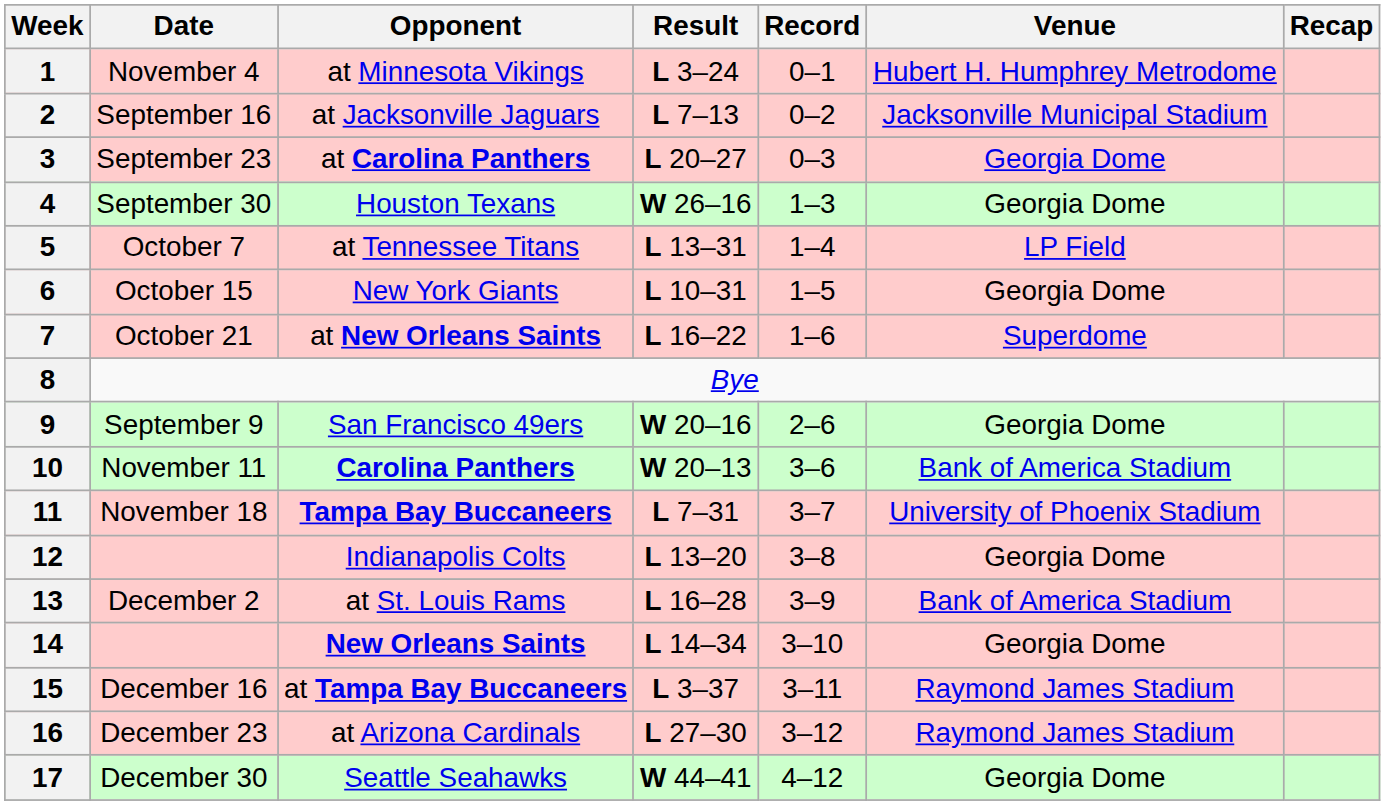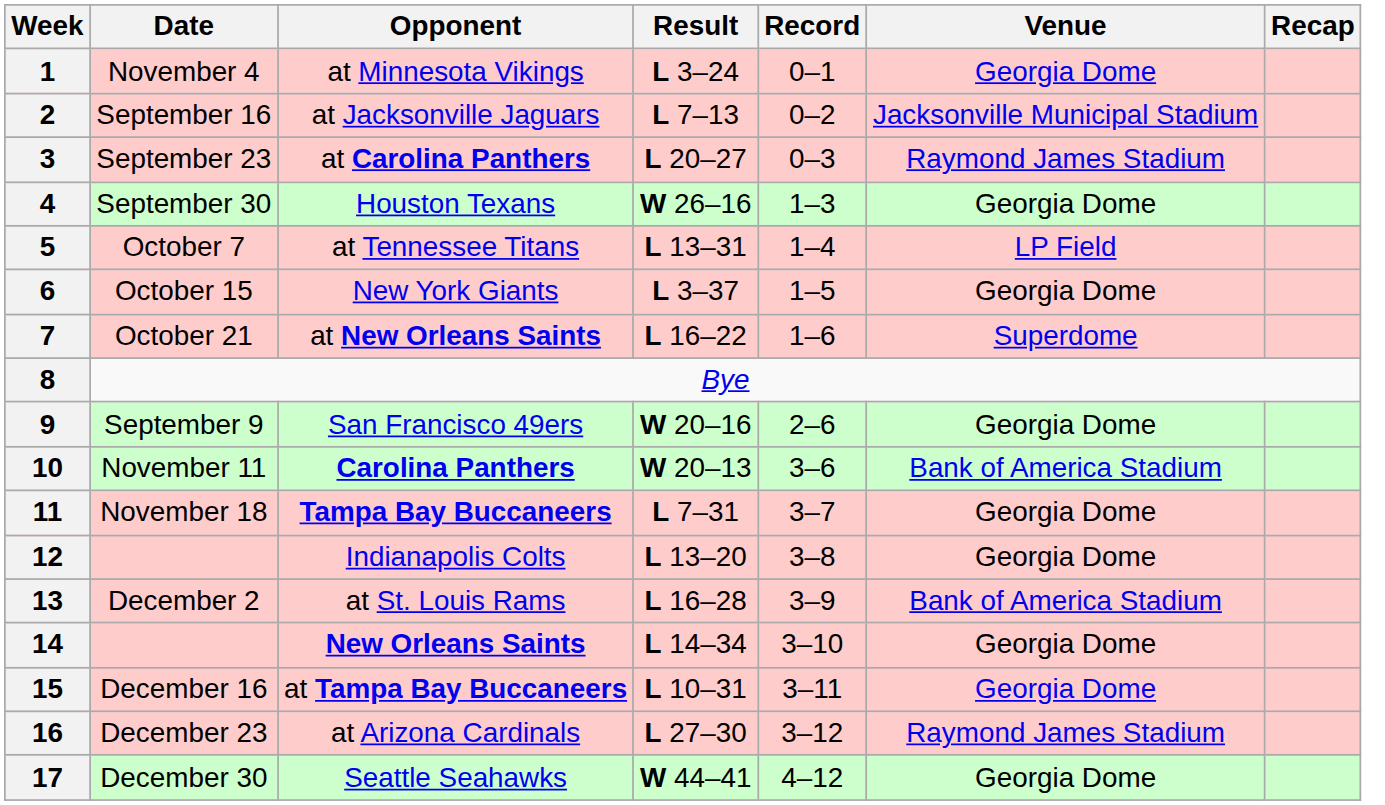 <table class="wikitable" style="text-align:center">
 <tr>
 <th>Week</th>
 <th>Date</th>
 <th>Opponent</th>
 <th>Result</th>
 <th>Record</th>
 <th>Venue</th>
 <th>Recap</th>
 </tr>
 <tr style="background: #fcc;">
 <th><strong>1</strong></th>
 <td>November 4</td>
 <td>at <a href='#'>Minnesota Vikings</a></td>
 <td><strong>L</strong> 3–24</td>
 <td>0–1</td>
-<td><a href='#'>Hubert H. Humphrey Metrodome</a></td>
+<td><a href='#'>Georgia Dome</a></td>
 <td></td>
 </tr>
 <tr style="background: #fcc;">
 <th><strong>2</strong></th>
 <td>September 16</td>
 <td>at <a href='#'>Jacksonville Jaguars</a></td>
 <td><strong>L</strong> 7–13</td>
 <td>0–2</td>
 <td><a href='#'>Jacksonville Municipal Stadium</a></td>
 <td></td>
 </tr>
 <tr style="background: #fcc;">
 <th><strong>3</strong></th>
 <td>September 23</td>
 <td>at  <strong><a href='#'>Carolina Panthers</a></strong></td>
 <td><strong>L</strong> 20–27</td>
 <td>0–3</td>
-<td><a href='#'>Georgia Dome</a></td>
+<td><a href='#'>Raymond James Stadium</a></td>
 <td></td>
 </tr>
 <tr style="background: #cfc">
 <th><strong>4</strong></th>
 <td>September 30</td>
 <td><a href='#'>Houston Texans</a></td>
 <td><strong>W</strong> 26–16</td>
 <td>1–3</td>
 <td>Georgia Dome</td>
 <td></td>
 </tr>
 <tr style="background: #fcc;">
 <th><strong>5</strong></th>
 <td>October 7</td>
 <td>at <a href='#'>Tennessee Titans</a></td>
 <td><strong>L</strong> 13–31</td>
 <td>1–4</td>
 <td><a href='#'>LP Field</a></td>
 <td></td>
 </tr>
 <tr style="background: #fcc;">
 <th><strong>6</strong></th>
 <td>October 15</td>
 <td><a href='#'>New York Giants</a></td>
-<td><strong>L</strong> 10–31</td>
+<td><strong>L</strong> 3–37</td>
 <td>1–5</td>
 <td>Georgia Dome</td>
 <td></td>
 </tr>
 <tr style="background: #fcc;">
 <th><strong>7</strong></th>
 <td>October 21</td>
 <td>at <strong><a href='#'>New Orleans Saints</a></strong></td>
 <td><strong>L</strong> 16–22</td>
 <td>1–6</td>
 <td><a href='#'>Superdome</a></td>
 <td></td>
 </tr>
 <tr>
 <th><strong>8</strong></th>
 <td colspan="7"><em><a href='#'>Bye</a></em></td>
 </tr>
 <tr style="background: #cfc;">
 <th><strong>9</strong></th>
 <td>September 9</td>
 <td><a href='#'>San Francisco 49ers</a></td>
 <td><strong>W</strong> 20–16</td>
 <td>2–6</td>
 <td>Georgia Dome</td>
 <td></td>
 </tr>
 <tr style="background: #cfc;">
 <th><strong>10</strong></th>
 <td>November 11</td>
 <td><strong><a href='#'>Carolina Panthers</a></strong></td>
 <td><strong>W</strong> 20–13</td>
 <td>3–6</td>
 <td><a href='#'>Bank of America Stadium</a></td>
 <td></td>
 </tr>
 <tr style="background: #fcc;">
 <th><strong>11</strong></th>
 <td>November 18</td>
 <td><strong><a href='#'>Tampa Bay Buccaneers</a></strong></td>
 <td><strong>L</strong> 7–31</td>
 <td>3–7</td>
-<td><a href='#'>University of Phoenix Stadium</a></td>
+<td>Georgia Dome</td>
 <td></td>
 </tr>
 <tr style="background: #fcc;">
 <th><strong>12</strong></th>
 <td></td>
 <td><a href='#'>Indianapolis Colts</a></td>
 <td><strong>L</strong> 13–20</td>
 <td>3–8</td>
 <td>Georgia Dome</td>
 <td></td>
 </tr>
 <tr style="background: #fcc;">
 <th><strong>13</strong></th>
 <td>December 2</td>
 <td>at <a href='#'>St. Louis Rams</a></td>
 <td><strong>L</strong> 16–28</td>
 <td>3–9</td>
 <td><a href='#'>Bank of America Stadium</a></td>
 <td></td>
 </tr>
 <tr style="background: #fcc;">
 <th><strong>14</strong></th>
 <td></td>
 <td><strong><a href='#'>New Orleans Saints</a></strong></td>
 <td><strong>L</strong> 14–34</td>
 <td>3–10</td>
 <td>Georgia Dome</td>
 <td></td>
 </tr>
 <tr style="background: #fcc;">
 <th><strong>15</strong></th>
 <td>December 16</td>
 <td>at  <strong><a href='#'>Tampa Bay Buccaneers</a></strong></td>
-<td><strong>L</strong> 3–37</td>
+<td><strong>L</strong> 10–31</td>
 <td>3–11</td>
-<td><a href='#'>Raymond James Stadium</a></td>
+<td><a href='#'>Georgia Dome</a></td>
 <td></td>
 </tr>
 <tr style="background: #fcc;">
 <th><strong>16</strong></th>
 <td>December 23</td>
 <td>at <a href='#'>Arizona Cardinals</a></td>
 <td><strong>L</strong> 27–30 </td>
 <td>3–12</td>
 <td><a href='#'>Raymond James Stadium</a></td>
 <td></td>
 </tr>
 <tr style="background: #cfc;">
 <th><strong>17</strong></th>
 <td>December 30</td>
 <td><a href='#'>Seattle Seahawks</a></td>
 <td><strong>W</strong> 44–41</td>
 <td>4–12</td>
 <td>Georgia Dome</td>
 <td></td>
 </tr>
 </table>
